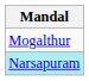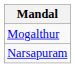 <table class="wikitable sortable static-row-numbers static-row-header-hash">
 <tr>
 <th>Mandal</th>
 </tr>
 <tr>
 <td><a href='#'>Mogalthur</a></td>
 </tr>
 <tr>
-<td style="background: paleturquoise;"><a href='#'>Narsapuram</a></td>
+<td><a href='#'>Narsapuram</a></td>
 </tr>
 </table>
